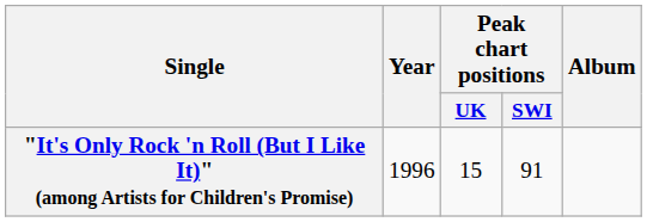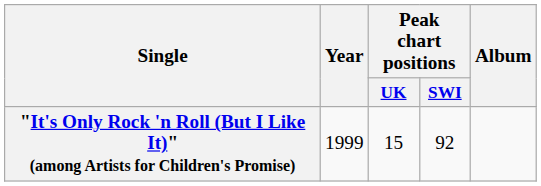 <table class="wikitable plainrowheaders" style="text-align:center;">
 <tr>
 <th scope="col" rowspan="2" style="width:16em;">Single</th>
 <th scope="col" rowspan="2">Year</th>
 <th scope="col" colspan="2">Peak<br>chart<br>positions</th>
 <th scope="col" rowspan="2">Album</th>
 </tr>
 <tr>
 <th scope="col" style="width:2.5em;font-size:90%;"><a href='#'>UK</a><br></th>
 <th scope="col" style="width:2.5em;font-size:90%;"><a href='#'>SWI</a><br></th>
 </tr>
 <tr>
 <th scope="row">"<a href='#'>It's Only Rock 'n Roll (But I Like It)</a>"<br><small>(among Artists for Children's Promise)</small></th>
-<td>1996</td>
+<td>1999</td>
 <td>15</td>
-<td>91</td>
+<td>92</td>
 <td></td>
 </tr>
 </table>
